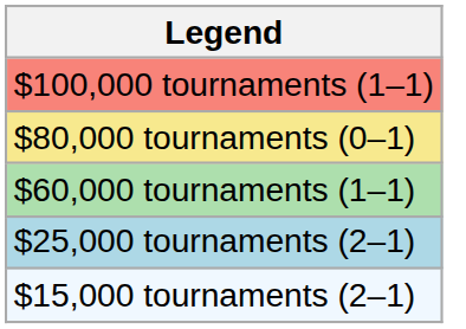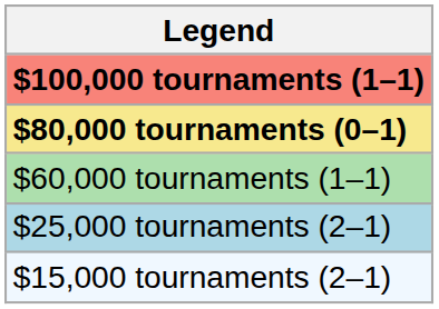 <table class=wikitable style="font-size:85%">
 <tr>
 <th>Legend</th>
 </tr>
 <tr style="background:#f88379;">
-<td>$100,000 tournaments (1–1)</td>
+<td><strong>$100,000 tournaments (1–1)</strong></td>
 </tr>
 <tr style="background:#f7e98e;">
-<td>$80,000 tournaments (0–1)</td>
+<td><strong>$80,000 tournaments (0–1)</strong></td>
 </tr>
 <tr style="background:#addfad">
 <td>$60,000 tournaments (1–1)</td>
 </tr>
 <tr style="background:lightblue;">
 <td>$25,000 tournaments (2–1)</td>
 </tr>
 <tr style="background:#f0f8ff;">
 <td>$15,000 tournaments (2–1)</td>
 </tr>
 </table>
